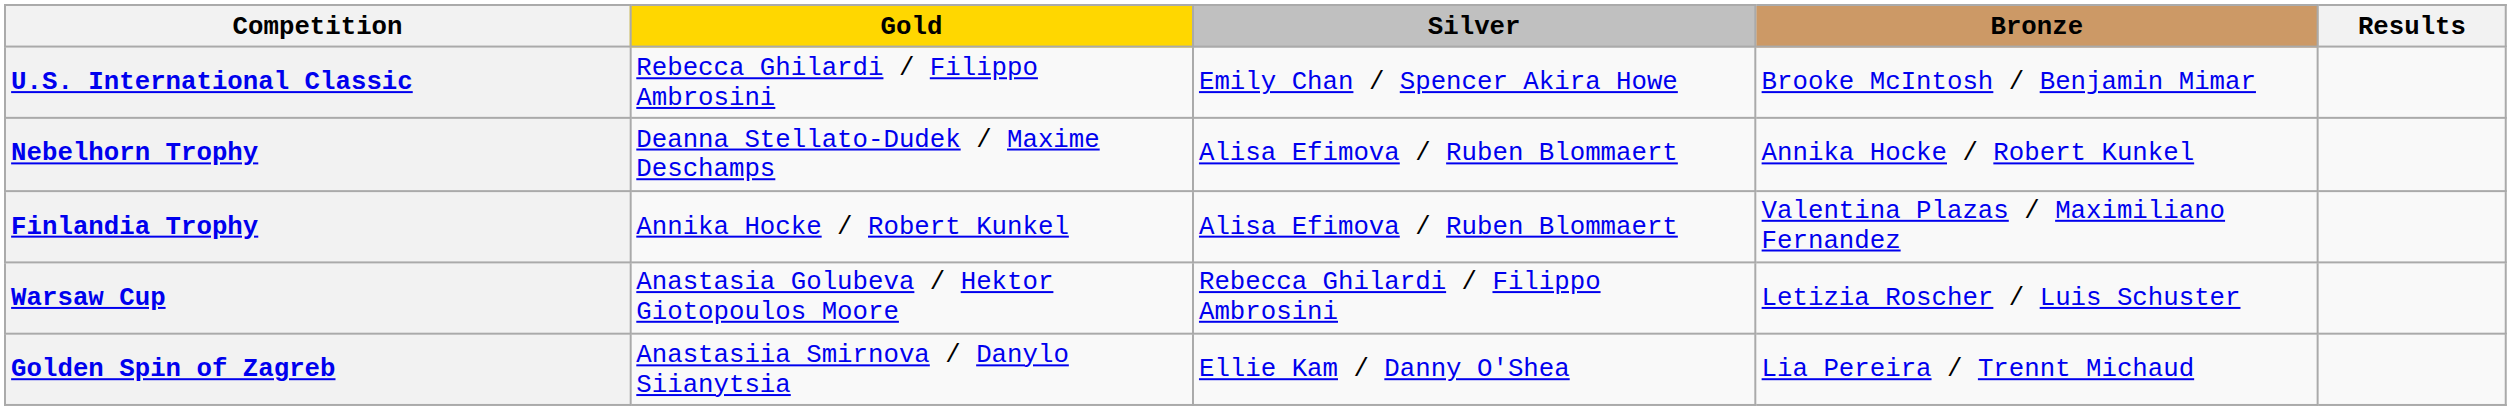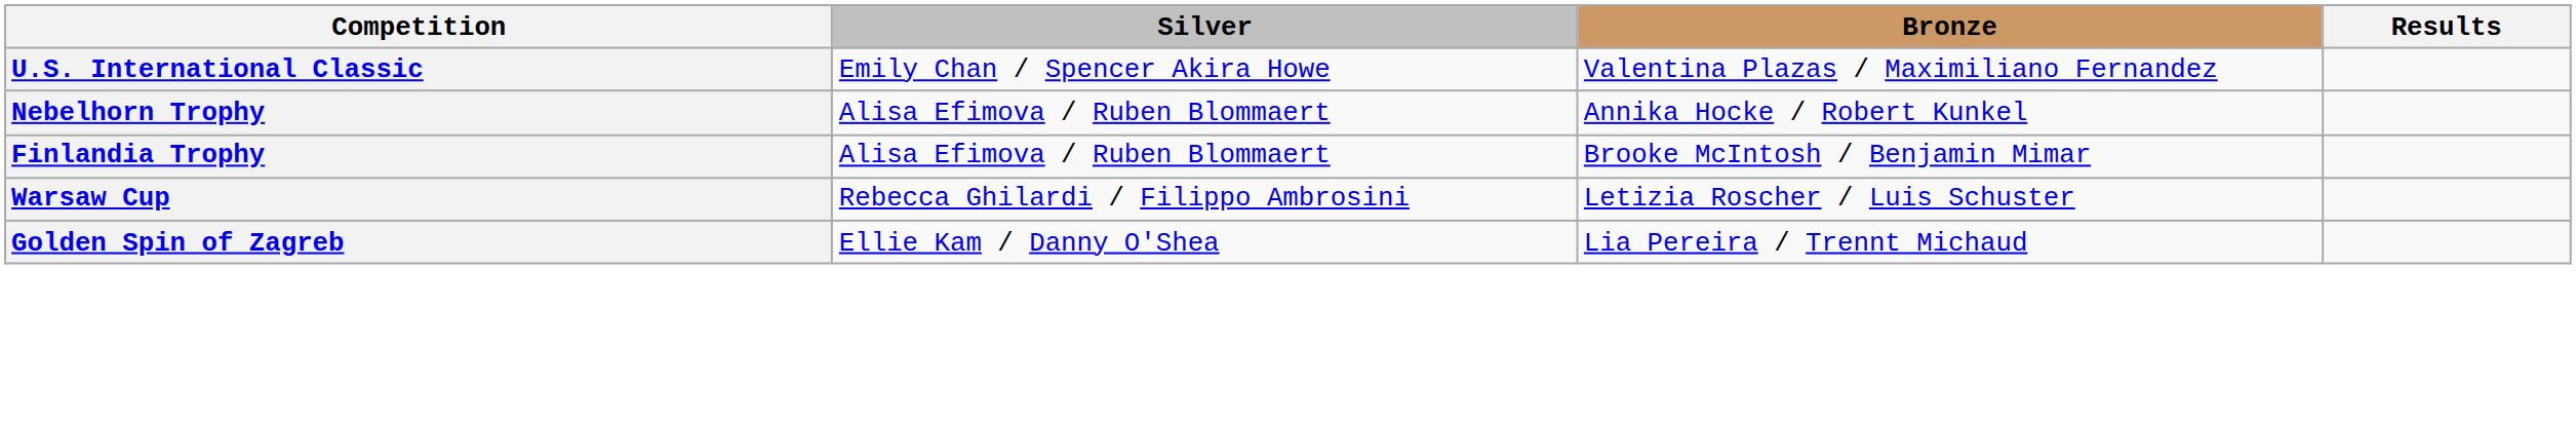 <table class="wikitable unsortable" style="text-align:left; width:100%;">
 <tr>
 <th scope="col" style="text-align:center; width:25%;">Competition</th>
-<td scope="col" style="text-align:center; width:22.5%; background:gold"><strong>Gold</strong></td>
 <td scope="col" style="text-align:center; width:22.5%; background:silver"><strong>Silver</strong></td>
 <td scope="col" style="text-align:center; width:22.5%; background:#c96"><strong>Bronze</strong></td>
 <th scope="col" style="text-align:center; width:7.5%;">Results</th>
 </tr>
 <tr>
 <th scope="row" style="text-align:left"> <a href='#'>U.S. International Classic</a></th>
-<td> <a href='#'>Rebecca Ghilardi</a> / <a href='#'>Filippo Ambrosini</a></td>
 <td> <a href='#'>Emily Chan</a> / <a href='#'>Spencer Akira Howe</a></td>
-<td> <a href='#'>Brooke McIntosh</a> / <a href='#'>Benjamin Mimar</a></td>
+<td> <a href='#'>Valentina Plazas</a> / <a href='#'>Maximiliano Fernandez</a></td>
 <td></td>
 </tr>
 <tr>
 <th scope="row" style="text-align:left"> <a href='#'>Nebelhorn Trophy</a></th>
-<td> <a href='#'>Deanna Stellato-Dudek</a> / <a href='#'>Maxime Deschamps</a></td>
 <td> <a href='#'>Alisa Efimova</a> / <a href='#'>Ruben Blommaert</a></td>
 <td> <a href='#'>Annika Hocke</a> / <a href='#'>Robert Kunkel</a></td>
 <td></td>
 </tr>
 <tr>
 <th scope="row" style="text-align:left"> <a href='#'>Finlandia Trophy</a></th>
-<td> <a href='#'>Annika Hocke</a> / <a href='#'>Robert Kunkel</a></td>
 <td> <a href='#'>Alisa Efimova</a> / <a href='#'>Ruben Blommaert</a></td>
-<td> <a href='#'>Valentina Plazas</a> / <a href='#'>Maximiliano Fernandez</a></td>
+<td> <a href='#'>Brooke McIntosh</a> / <a href='#'>Benjamin Mimar</a></td>
 <td></td>
 </tr>
 <tr>
 <th scope="row" style="text-align:left"> <a href='#'>Warsaw Cup</a></th>
-<td> <a href='#'>Anastasia Golubeva</a> / <a href='#'>Hektor Giotopoulos Moore</a></td>
 <td> <a href='#'>Rebecca Ghilardi</a> / <a href='#'>Filippo Ambrosini</a></td>
 <td> <a href='#'>Letizia Roscher</a> / <a href='#'>Luis Schuster</a></td>
 <td></td>
 </tr>
 <tr>
 <th scope="row" style="text-align:left"> <a href='#'>Golden Spin of Zagreb</a></th>
-<td> <a href='#'>Anastasiia Smirnova</a> / <a href='#'>Danylo Siianytsia</a></td>
 <td> <a href='#'>Ellie Kam</a> / <a href='#'>Danny O'Shea</a></td>
 <td> <a href='#'>Lia Pereira</a> / <a href='#'>Trennt Michaud</a></td>
 <td></td>
 </tr>
 </table>
